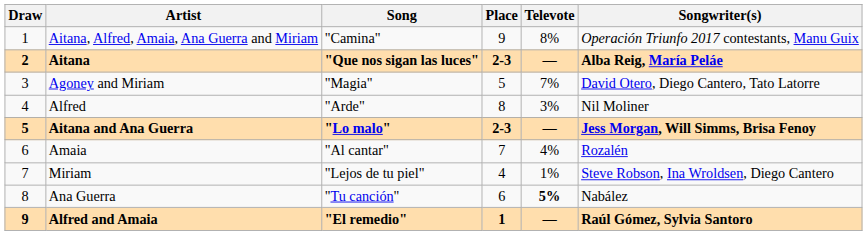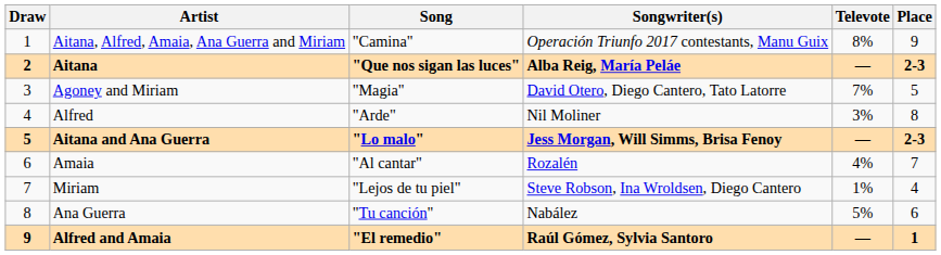 <table class="sortable wikitable" style="margin: 1em auto 1em auto; text-align:center">
 <tr>
 <th>Draw</th>
 <th>Artist</th>
 <th>Song</th>
+<th class="unsortable">Songwriter(s)</th>
+<th>Televote</th>
 <th>Place</th>
-<th>Televote</th>
-<th class="unsortable">Songwriter(s)</th>
 </tr>
 <tr>
 <td>1</td>
 <td align="left"><a href='#'>Aitana</a>, <a href='#'>Alfred</a>, <a href='#'>Amaia</a>, <a href='#'>Ana Guerra</a> and <a href='#'>Miriam</a></td>
 <td align="left">"Camina"</td>
+<td align="left"><em>Operación Triunfo 2017</em> contestants, <a href='#'>Manu Guix</a></td>
+<td>8%</td>
 <td>9</td>
-<td>8%</td>
-<td align="left"><em>Operación Triunfo 2017</em> contestants, <a href='#'>Manu Guix</a></td>
 </tr>
 <tr style="font-weight:bold;background:navajowhite">
 <td>2</td>
 <td align="left">Aitana</td>
 <td align="left">"Que nos sigan las luces"</td>
+<td align="left">Alba Reig, <a href='#'>María Peláe</a></td>
+<td data-sort-value="9">—</td>
 <td>2-3</td>
-<td data-sort-value="9">—</td>
-<td align="left">Alba Reig, <a href='#'>María Peláe</a></td>
 </tr>
 <tr>
 <td>3</td>
 <td align="left"><a href='#'>Agoney</a> and Miriam</td>
 <td align="left">"Magia"</td>
+<td align="left"><a href='#'>David Otero</a>, Diego Cantero, Tato Latorre</td>
+<td>7%</td>
 <td>5</td>
-<td>7%</td>
-<td align="left"><a href='#'>David Otero</a>, Diego Cantero, Tato Latorre</td>
 </tr>
 <tr>
 <td>4</td>
 <td align="left">Alfred</td>
 <td align="left">"Arde"</td>
+<td align="left">Nil Moliner</td>
+<td>3%</td>
 <td>8</td>
-<td>3%</td>
-<td align="left">Nil Moliner</td>
 </tr>
 <tr style="font-weight:bold;background:navajowhite">
 <td>5</td>
 <td align="left">Aitana and Ana Guerra</td>
 <td align="left">"<a href='#'>Lo malo</a>"</td>
+<td align="left"><a href='#'>Jess Morgan</a>, Will Simms, Brisa Fenoy</td>
+<td data-sort-value="9">—</td>
 <td>2-3</td>
-<td data-sort-value="9">—</td>
-<td align="left"><a href='#'>Jess Morgan</a>, Will Simms, Brisa Fenoy</td>
 </tr>
 <tr>
 <td>6</td>
 <td align="left">Amaia</td>
 <td align="left">"Al cantar"</td>
+<td align="left"><a href='#'>Rozalén</a></td>
+<td>4%</td>
 <td>7</td>
-<td>4%</td>
-<td align="left"><a href='#'>Rozalén</a></td>
 </tr>
 <tr>
 <td>7</td>
 <td align="left">Miriam</td>
 <td align="left">"Lejos de tu piel"</td>
+<td align="left"><a href='#'>Steve Robson</a>, <a href='#'>Ina Wroldsen</a>, Diego Cantero</td>
+<td>1%</td>
 <td>4</td>
-<td>1%</td>
-<td align="left"><a href='#'>Steve Robson</a>, <a href='#'>Ina Wroldsen</a>, Diego Cantero</td>
 </tr>
 <tr>
 <td>8</td>
 <td align="left">Ana Guerra</td>
 <td align="left">"<a href='#'>Tu canción</a>"</td>
+<td align="left">Nabález</td>
+<td>5%</td>
 <td>6</td>
-<td><strong>5%</strong></td>
-<td align="left">Nabález</td>
 </tr>
 <tr style="font-weight:bold; background:navajowhite">
 <td>9</td>
 <td align="left">Alfred and Amaia</td>
 <td align="left">"El remedio"</td>
+<td align="left">Raúl Gómez, Sylvia Santoro</td>
+<td data-sort-value="10">—</td>
 <td>1</td>
-<td data-sort-value="10">—</td>
-<td align="left">Raúl Gómez, Sylvia Santoro</td>
 </tr>
 </table>
